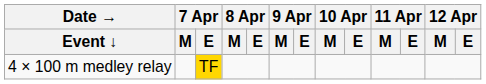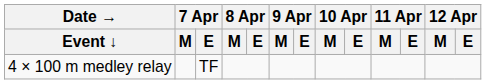 <table class="wikitable swimming-schedule floatleft">
 <tr>
 <th>Date →</th>
 <th colspan=2>7 Apr</th>
 <th colspan=2>8 Apr</th>
 <th colspan=2>9 Apr</th>
 <th colspan=2>10 Apr</th>
 <th colspan=2>11 Apr</th>
 <th colspan=2>12 Apr</th>
 </tr>
 <tr>
 <th>Event ↓</th>
 <th>M</th>
 <th>E</th>
 <th>M</th>
 <th>E</th>
 <th>M</th>
 <th>E</th>
 <th>M</th>
 <th>E</th>
 <th>M</th>
 <th>E</th>
 <th>M</th>
 <th>E</th>
 </tr>
 <tr>
 <td class=event>4 × 100 m medley relay</td>
 <td></td>
-<td class=timed-final style="background: gold;">TF</td>
+<td class=timed-final>TF</td>
 <td colspan=2></td>
 <td colspan=2></td>
 <td colspan=2></td>
 <td colspan=2></td>
 <td colspan=2></td>
 </tr>
 </table>
